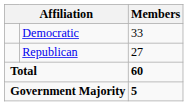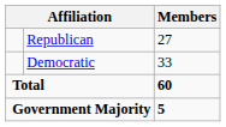 <table class="wikitable">
 <tr>
 <th colspan="2">Affiliation</th>
 <th>Members</th>
 </tr>
 <tr>
 <td style="background-color:"> </td>
-<td><a href='#'>Democratic</a></td>
-<td>33</td>
+<td><a href='#'>Republican</a></td>
+<td>27</td>
 </tr>
 <tr>
 <td style="background-color:"> </td>
-<td><a href='#'>Republican</a></td>
-<td>27</td>
+<td><a href='#'>Democratic</a></td>
+<td>33</td>
 </tr>
 <tr>
 <td colspan="2" rowspan="1"> <strong>Total</strong></td>
 <td><strong>60</strong></td>
 </tr>
 <tr>
 <td colspan="2" rowspan="1"> <strong>Government Majority</strong></td>
 <td><strong>5</strong></td>
 </tr>
 </table>
